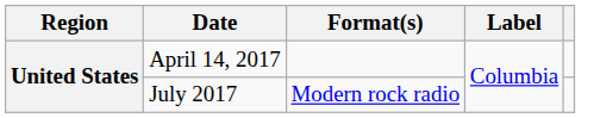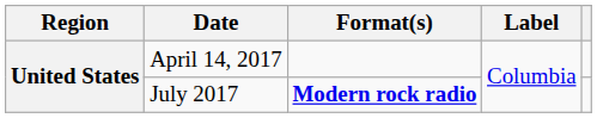 <table class="wikitable plainrowheaders">
 <tr>
 <th scope="col">Region</th>
 <th scope="col">Date</th>
 <th scope="col">Format(s)</th>
 <th scope="col">Label</th>
 <th scope="col"></th>
 </tr>
 <tr>
 <th scope="row" rowspan="2">United States</th>
 <td>April 14, 2017</td>
 <td></td>
 <td rowspan="2"><a href='#'>Columbia</a></td>
 <td style="text-align:center;"></td>
 </tr>
 <tr>
 <td>July 2017</td>
-<td><a href='#'>Modern rock radio</a></td>
+<td><strong><a href='#'>Modern rock radio</a></strong></td>
 <td style="text-align:center;"></td>
 </tr>
 </table>
